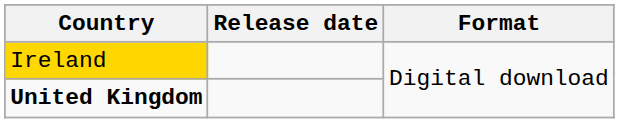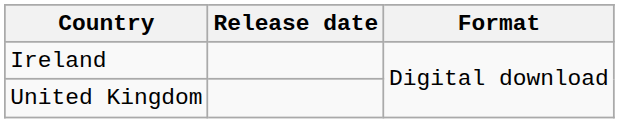 <table class="wikitable">
 <tr>
 <th>Country</th>
 <th>Release date</th>
 <th>Format</th>
 </tr>
 <tr>
-<td style="background: gold;">Ireland</td>
+<td>Ireland</td>
 <td></td>
 <td rowspan="2">Digital download</td>
 </tr>
 <tr>
-<td><strong>United Kingdom</strong></td>
+<td>United Kingdom</td>
 <td></td>
 </tr>
 </table>
